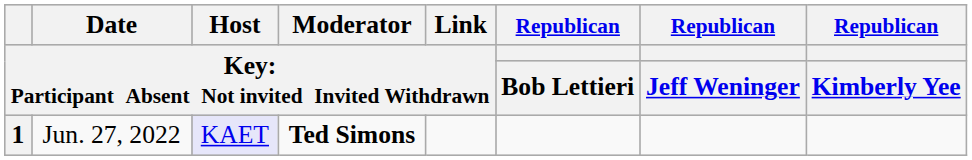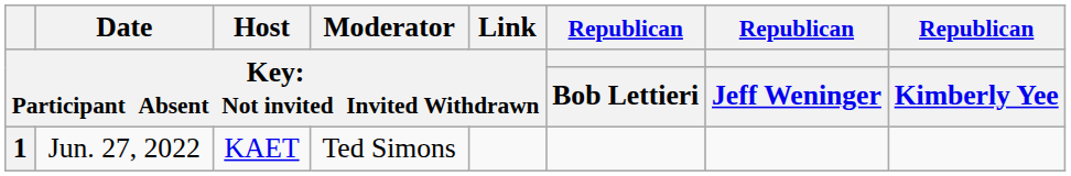 <table class="wikitable" style="text-align:center;">
 <tr>
 <th scope="col"></th>
 <th scope="col">Date</th>
 <th scope="col">Host</th>
 <th scope="col">Moderator</th>
 <th scope="col">Link</th>
 <th scope="col"><small><a href='#'>Republican</a></small></th>
 <th scope="col"><small><a href='#'>Republican</a></small></th>
 <th scope="col"><small><a href='#'>Republican</a></small></th>
 </tr>
 <tr>
 <th colspan="5" rowspan="2">Key:<br> <small>Participant </small>  <small>Absent </small>  <small>Not invited </small>  <small>Invited  Withdrawn</small></th>
 <th scope="col" style="background:"></th>
 <th scope="col" style="background:"></th>
 <th scope="col" style="background:"></th>
 </tr>
 <tr>
 <th scope="col">Bob Lettieri</th>
 <th scope="col"><a href='#'>Jeff Weninger</a></th>
 <th scope="col"><a href='#'>Kimberly Yee</a></th>
 </tr>
 <tr>
 <th>1</th>
 <td style="white-space:nowrap;">Jun. 27, 2022</td>
-<td style="background: lavender; white-space:nowrap;"><a href='#'>KAET</a></td>
-<td style="white-space:nowrap;"><strong>Ted Simons</strong></td>
+<td style="white-space:nowrap;"><a href='#'>KAET</a></td>
+<td style="white-space:nowrap;">Ted Simons</td>
 <td style="white-space:nowrap;"></td>
 <td></td>
 <td></td>
 <td></td>
 </tr>
 </table>
